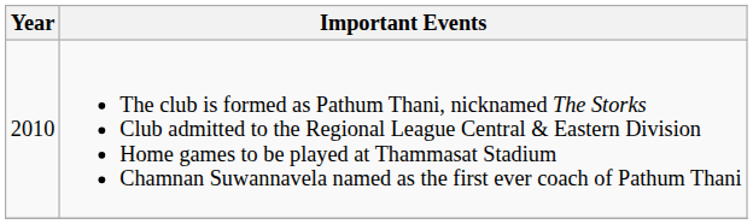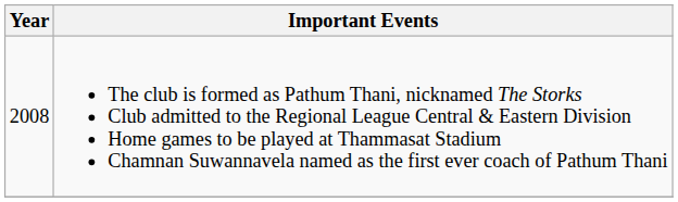 <table class="wikitable">
 <tr>
 <th>Year</th>
 <th>Important Events</th>
 </tr>
 <tr>
-<td>2010</td>
+<td>2008</td>
 <td><br><ul><li>The club is formed as Pathum Thani, nicknamed <em>The Storks</em></li><li>Club admitted to the Regional League Central & Eastern Division</li><li>Home games to be played at Thammasat Stadium</li><li>Chamnan Suwannavela named as the first ever coach of Pathum Thani</li></ul></td>
 </tr>
 <tr>
 </tr>
 </table>
